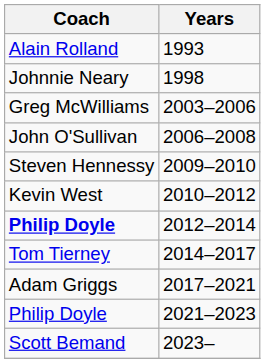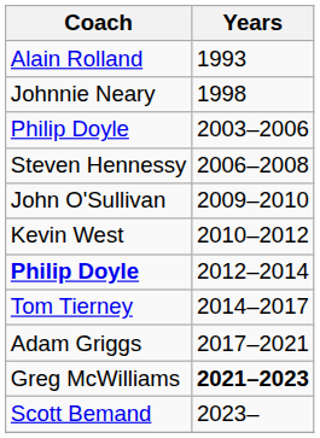 <table class="wikitable collapsible">
 <tr>
 <th>Coach</th>
 <th>Years</th>
 </tr>
 <tr>
 <td><a href='#'>Alain Rolland</a></td>
 <td>1993</td>
 </tr>
 <tr>
 <td>Johnnie Neary</td>
 <td>1998</td>
 </tr>
 <tr>
-<td>Greg McWilliams</td>
+<td><a href='#'>Philip Doyle</a></td>
 <td>2003–2006</td>
 </tr>
 <tr>
-<td>John O'Sullivan</td>
+<td>Steven Hennessy</td>
 <td>2006–2008</td>
 </tr>
 <tr>
-<td>Steven Hennessy</td>
+<td>John O'Sullivan</td>
 <td>2009–2010</td>
 </tr>
 <tr>
 <td>Kevin West</td>
 <td>2010–2012</td>
 </tr>
 <tr>
 <td><strong><a href='#'>Philip Doyle</a></strong></td>
 <td>2012–2014</td>
 </tr>
 <tr>
 <td><a href='#'>Tom Tierney</a></td>
 <td>2014–2017</td>
 </tr>
 <tr>
 <td>Adam Griggs</td>
 <td>2017–2021</td>
 </tr>
 <tr>
-<td><a href='#'>Philip Doyle</a></td>
-<td>2021–2023</td>
+<td>Greg McWilliams</td>
+<td><strong>2021–2023</strong></td>
 </tr>
 <tr>
 <td><a href='#'>Scott Bemand</a></td>
 <td>2023–</td>
 </tr>
 <tr>
 </tr>
 </table>
